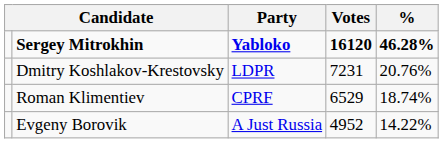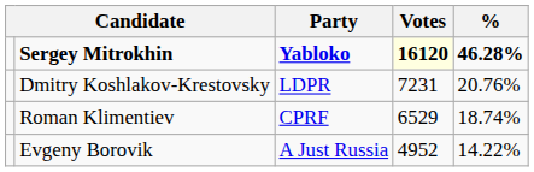 <table class="wikitable">
 <tr>
 <th colspan="2">Candidate</th>
 <th>Party</th>
 <th>Votes</th>
 <th>%</th>
 </tr>
 <tr>
 <td style="background-color: "></td>
 <td><strong>Sergey Mitrokhin</strong></td>
 <td><strong><a href='#'>Yabloko</a></strong></td>
-<td><strong>16120</strong></td>
+<td style="background: lightyellow;"><strong>16120</strong></td>
 <td><strong>46.28%</strong></td>
 </tr>
 <tr>
 <td style="background-color: "></td>
 <td>Dmitry Koshlakov-Krestovsky</td>
 <td><a href='#'>LDPR</a></td>
 <td>7231</td>
 <td>20.76%</td>
 </tr>
 <tr>
 <td style="background-color: "></td>
 <td>Roman Klimentiev</td>
 <td><a href='#'>CPRF</a></td>
 <td>6529</td>
 <td>18.74%</td>
 </tr>
 <tr>
 <td style="background-color: "></td>
 <td>Evgeny Borovik</td>
 <td><a href='#'>A Just Russia</a></td>
 <td>4952</td>
 <td>14.22%</td>
 </tr>
 </table>
